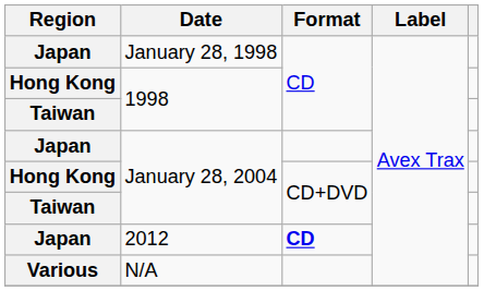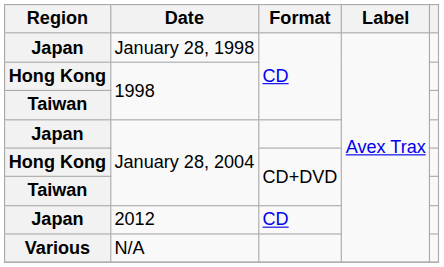 <table class="wikitable plainrowheaders">
 <tr>
 <th scope="col">Region</th>
 <th scope="col">Date</th>
 <th scope="col">Format</th>
 <th scope="col">Label</th>
 <th scope="col"></th>
 </tr>
 <tr>
 <th scope="row">Japan</th>
 <td>January 28, 1998</td>
 <td rowspan="3"><a href='#'>CD</a></td>
 <td rowspan="8"><a href='#'>Avex Trax</a></td>
 <td></td>
 </tr>
 <tr>
 <th scope="row">Hong Kong</th>
 <td rowspan="2">1998</td>
 <td></td>
 </tr>
 <tr>
 <th scope="row">Taiwan</th>
 <td></td>
 </tr>
 <tr>
 <th scope="row">Japan</th>
 <td rowspan="3">January 28, 2004</td>
 <td></td>
 <td></td>
 </tr>
 <tr>
 <th scope="row">Hong Kong</th>
 <td rowspan="2">CD+DVD</td>
 <td></td>
 </tr>
 <tr>
 <th scope="row">Taiwan</th>
 <td></td>
 </tr>
 <tr>
 <th scope="row">Japan</th>
 <td>2012</td>
-<td><strong><a href='#'>CD</a></strong></td>
+<td><a href='#'>CD</a></td>
 <td></td>
 </tr>
 <tr>
 <th scope="row">Various</th>
 <td>N/A</td>
 <td></td>
 <td></td>
 </tr>
 <tr>
 </tr>
 </table>
